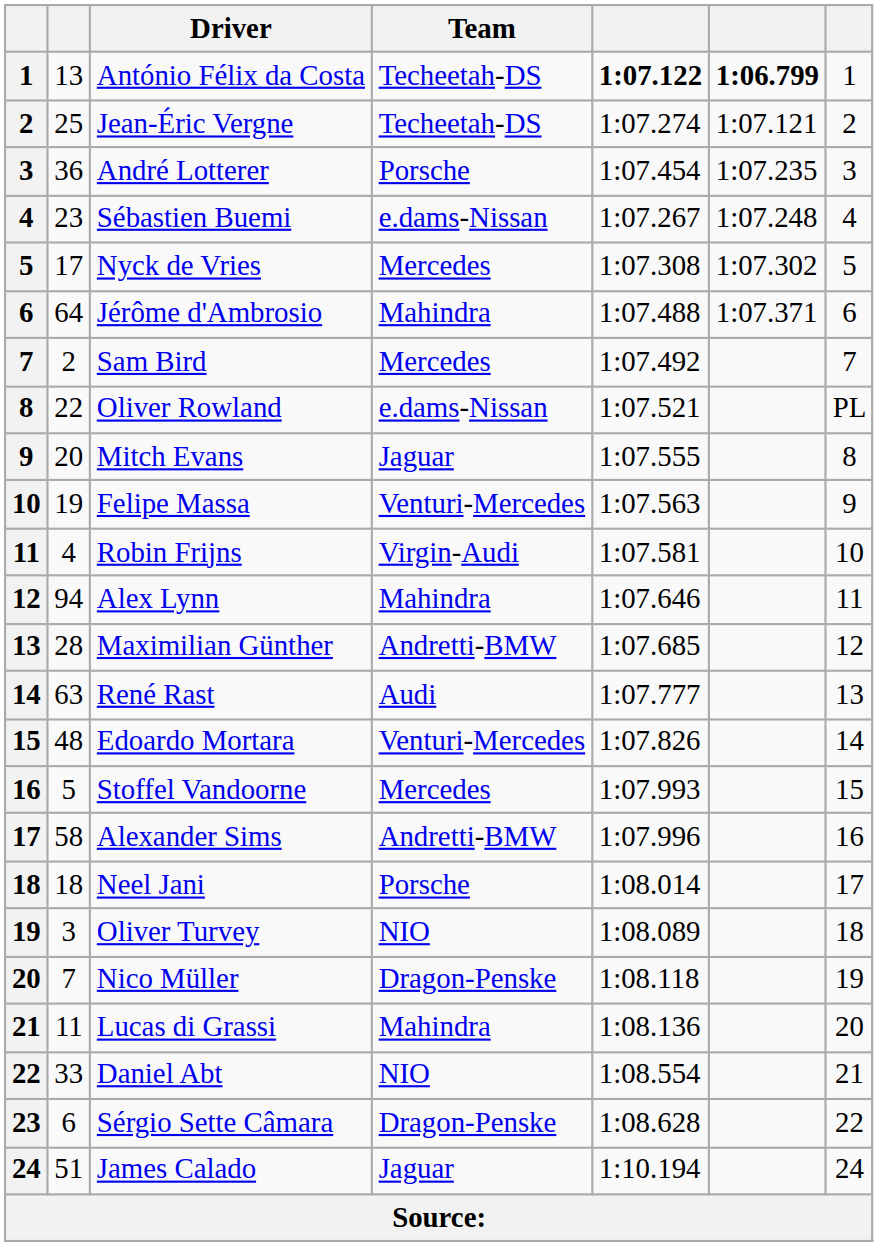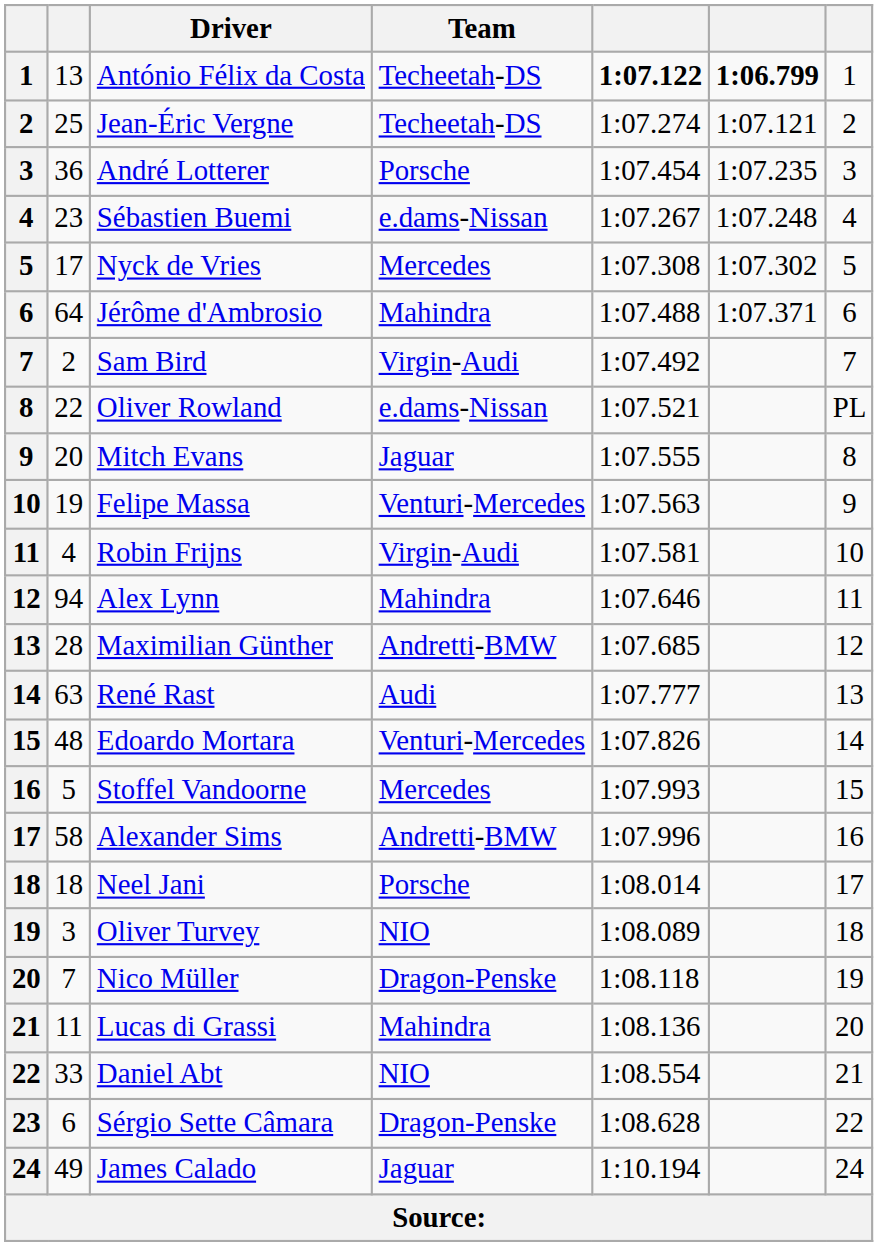 <table class="wikitable sortable" style="font-size: 85%">
 <tr>
 <th scope="col"></th>
 <th scope="col"></th>
 <th scope="col">Driver</th>
 <th scope="col">Team</th>
 <th scope="col"></th>
 <th scope="col"></th>
 <th scope="col"></th>
 </tr>
 <tr>
 <th scope="row">1</th>
 <td align="center">13</td>
 <td> <a href='#'>António Félix da Costa</a></td>
 <td><a href='#'>Techeetah</a>-<a href='#'>DS</a></td>
 <td><strong>1:07.122</strong></td>
 <td><strong>1:06.799</strong></td>
 <td align="center">1</td>
 </tr>
 <tr>
 <th scope="row">2</th>
 <td align=center>25</td>
 <td> <a href='#'>Jean-Éric Vergne</a></td>
 <td><a href='#'>Techeetah</a>-<a href='#'>DS</a></td>
 <td>1:07.274</td>
 <td>1:07.121</td>
 <td align="center">2</td>
 </tr>
 <tr>
 <th scope="row">3</th>
 <td align=center>36</td>
 <td> <a href='#'>André Lotterer</a></td>
 <td><a href='#'>Porsche</a></td>
 <td>1:07.454</td>
 <td>1:07.235</td>
 <td align="center">3</td>
 </tr>
 <tr>
 <th scope="row">4</th>
 <td align=center>23</td>
 <td> <a href='#'>Sébastien Buemi</a></td>
 <td><a href='#'>e.dams</a>-<a href='#'>Nissan</a></td>
 <td>1:07.267</td>
 <td>1:07.248</td>
 <td align="center">4</td>
 </tr>
 <tr>
 <th scope="row">5</th>
 <td align=center>17</td>
 <td> <a href='#'>Nyck de Vries</a></td>
 <td><a href='#'>Mercedes</a></td>
 <td>1:07.308</td>
 <td>1:07.302</td>
 <td align="center">5</td>
 </tr>
 <tr>
 <th scope="row">6</th>
 <td align=center>64</td>
 <td> <a href='#'>Jérôme d'Ambrosio</a></td>
 <td><a href='#'>Mahindra</a></td>
 <td>1:07.488</td>
 <td>1:07.371</td>
 <td align="center">6</td>
 </tr>
 <tr>
 <th scope="row">7</th>
 <td align=center>2</td>
 <td> <a href='#'>Sam Bird</a></td>
-<td><a href='#'>Mercedes</a></td>
+<td><a href='#'>Virgin</a>-<a href='#'>Audi</a></td>
 <td>1:07.492</td>
 <td></td>
 <td align="center">7</td>
 </tr>
 <tr>
 <th scope="row">8</th>
 <td align=center>22</td>
 <td> <a href='#'>Oliver Rowland</a></td>
 <td><a href='#'>e.dams</a>-<a href='#'>Nissan</a></td>
 <td>1:07.521</td>
 <td></td>
 <td align="center">PL</td>
 </tr>
 <tr>
 <th scope="row">9</th>
 <td align=center>20</td>
 <td> <a href='#'>Mitch Evans</a></td>
 <td><a href='#'>Jaguar</a></td>
 <td>1:07.555</td>
 <td></td>
 <td align="center">8</td>
 </tr>
 <tr>
 <th scope="row">10</th>
 <td align=center>19</td>
 <td> <a href='#'>Felipe Massa</a></td>
 <td><a href='#'>Venturi</a>-<a href='#'>Mercedes</a></td>
 <td>1:07.563</td>
 <td></td>
 <td align="center">9</td>
 </tr>
 <tr>
 <th scope="row">11</th>
 <td align=center>4</td>
 <td> <a href='#'>Robin Frijns</a></td>
 <td><a href='#'>Virgin</a>-<a href='#'>Audi</a></td>
 <td>1:07.581</td>
 <td></td>
 <td align="center">10</td>
 </tr>
 <tr>
 <th scope="row">12</th>
 <td align=center>94</td>
 <td> <a href='#'>Alex Lynn</a></td>
 <td><a href='#'>Mahindra</a></td>
 <td>1:07.646</td>
 <td></td>
 <td align="center">11</td>
 </tr>
 <tr>
 <th scope="row">13</th>
 <td align=center>28</td>
 <td> <a href='#'>Maximilian Günther</a></td>
 <td><a href='#'>Andretti</a>-<a href='#'>BMW</a></td>
 <td>1:07.685</td>
 <td></td>
 <td align="center">12</td>
 </tr>
 <tr>
 <th scope="row">14</th>
 <td align="center">63</td>
 <td> <a href='#'>René Rast</a></td>
 <td><a href='#'>Audi</a></td>
 <td>1:07.777</td>
 <td></td>
 <td align="center">13</td>
 </tr>
 <tr>
 <th scope="row">15</th>
 <td align=center>48</td>
 <td> <a href='#'>Edoardo Mortara</a></td>
 <td><a href='#'>Venturi</a>-<a href='#'>Mercedes</a></td>
 <td>1:07.826</td>
 <td></td>
 <td align="center">14</td>
 </tr>
 <tr>
 <th scope="row">16</th>
 <td align=center>5</td>
 <td> <a href='#'>Stoffel Vandoorne</a></td>
 <td><a href='#'>Mercedes</a></td>
 <td>1:07.993</td>
 <td></td>
 <td align="center">15</td>
 </tr>
 <tr>
 <th scope="row">17</th>
 <td align=center>58</td>
 <td> <a href='#'>Alexander Sims</a></td>
 <td><a href='#'>Andretti</a>-<a href='#'>BMW</a></td>
 <td>1:07.996</td>
 <td></td>
 <td align="center">16</td>
 </tr>
 <tr>
 <th scope="row">18</th>
 <td align=center>18</td>
 <td> <a href='#'>Neel Jani</a></td>
 <td><a href='#'>Porsche</a></td>
 <td>1:08.014</td>
 <td></td>
 <td align="center">17</td>
 </tr>
 <tr>
 <th scope="row">19</th>
 <td align=center>3</td>
 <td> <a href='#'>Oliver Turvey</a></td>
 <td><a href='#'>NIO</a></td>
 <td>1:08.089</td>
 <td></td>
 <td align="center">18</td>
 </tr>
 <tr>
 <th scope="row">20</th>
 <td align=center>7</td>
 <td> <a href='#'>Nico Müller</a></td>
 <td><a href='#'>Dragon-Penske</a></td>
 <td>1:08.118</td>
 <td></td>
 <td align="center">19</td>
 </tr>
 <tr>
 <th scope="row">21</th>
 <td align=center>11</td>
 <td> <a href='#'>Lucas di Grassi</a></td>
 <td><a href='#'>Mahindra</a></td>
 <td>1:08.136</td>
 <td></td>
 <td align="center">20</td>
 </tr>
 <tr>
 <th scope="row">22</th>
 <td align="center">33</td>
 <td> <a href='#'>Daniel Abt</a></td>
 <td><a href='#'>NIO</a></td>
 <td>1:08.554</td>
 <td></td>
 <td align="center">21</td>
 </tr>
 <tr>
 <th scope="row">23</th>
 <td align=center>6</td>
 <td> <a href='#'>Sérgio Sette Câmara</a></td>
 <td><a href='#'>Dragon-Penske</a></td>
 <td>1:08.628</td>
 <td></td>
 <td align="center">22</td>
 </tr>
 <tr>
 <th scope="row">24</th>
-<td align=center>51</td>
+<td align=center>49</td>
 <td> <a href='#'>James Calado</a></td>
 <td><a href='#'>Jaguar</a></td>
 <td>1:10.194</td>
 <td></td>
 <td align="center">24</td>
 </tr>
 <tr>
 <th colspan="7">Source:</th>
 </tr>
 <tr>
 </tr>
 </table>
